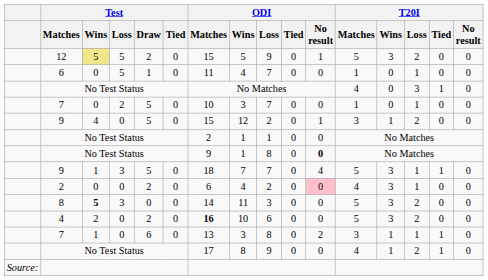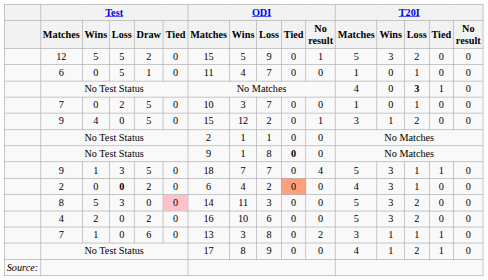 <table class="wikitable" style="text-align:center">
 <tr>
 <th></th>
 <th colspan=5><a href='#'>Test</a></th>
 <th colspan=5><a href='#'>ODI</a></th>
 <th colspan=5><a href='#'>T20I</a></th>
 </tr>
 <tr>
 <th></th>
 <th>Matches</th>
 <th>Wins</th>
 <th>Loss</th>
 <th>Draw</th>
 <th>Tied</th>
 <th>Matches</th>
 <th>Wins</th>
 <th>Loss</th>
 <th>Tied</th>
 <th>No result</th>
 <th>Matches</th>
 <th>Wins</th>
 <th>Loss</th>
 <th>Tied</th>
 <th>No result</th>
 </tr>
 <tr>
 <td align="left"></td>
 <td>12</td>
-<td style="background: khaki;">5</td>
+<td>5</td>
 <td>5</td>
 <td>2</td>
 <td>0</td>
 <td>15</td>
 <td>5</td>
 <td>9</td>
 <td>0</td>
 <td>1</td>
 <td>5</td>
 <td>3</td>
 <td>2</td>
 <td>0</td>
 <td>0</td>
 </tr>
 <tr>
 <td align="left"></td>
 <td>6</td>
 <td>0</td>
 <td>5</td>
 <td>1</td>
 <td>0</td>
 <td>11</td>
 <td>4</td>
 <td>7</td>
 <td>0</td>
 <td>0</td>
 <td>1</td>
 <td>0</td>
 <td>1</td>
 <td>0</td>
 <td>0</td>
 </tr>
 <tr>
 <td align="left"></td>
 <td colspan=5>No Test Status</td>
 <td colspan=5>No Matches</td>
 <td>4</td>
 <td>0</td>
-<td>3</td>
+<td><strong>3</strong></td>
 <td>1</td>
 <td>0</td>
 </tr>
 <tr>
 <td align="left"></td>
 <td>7</td>
 <td>0</td>
 <td>2</td>
 <td>5</td>
 <td>0</td>
 <td>10</td>
 <td>3</td>
 <td>7</td>
 <td>0</td>
 <td>0</td>
 <td>1</td>
 <td>0</td>
 <td>1</td>
 <td>0</td>
 <td>0</td>
 </tr>
 <tr>
 <td align="left"></td>
 <td>9</td>
 <td>4</td>
 <td>0</td>
 <td>5</td>
 <td>0</td>
 <td>15</td>
 <td>12</td>
 <td>2</td>
 <td>0</td>
 <td>1</td>
 <td>3</td>
 <td>1</td>
 <td>2</td>
 <td>0</td>
 <td>0</td>
 </tr>
 <tr>
 <td align="left"></td>
 <td colspan=5>No Test Status</td>
 <td>2</td>
 <td>1</td>
 <td>1</td>
 <td>0</td>
 <td>0</td>
 <td colspan=5>No Matches</td>
 </tr>
 <tr>
 <td align="left"></td>
 <td colspan=5>No Test Status</td>
 <td>9</td>
 <td>1</td>
 <td>8</td>
+<td><strong>0</strong></td>
 <td>0</td>
-<td><strong>0</strong></td>
 <td colspan=5>No Matches</td>
 </tr>
 <tr>
 <td align="left"></td>
 <td>9</td>
 <td>1</td>
 <td>3</td>
 <td>5</td>
 <td>0</td>
 <td>18</td>
 <td>7</td>
 <td>7</td>
 <td>0</td>
 <td>4</td>
 <td>5</td>
 <td>3</td>
 <td>1</td>
 <td>1</td>
 <td>0</td>
 </tr>
 <tr>
 <td align="left"></td>
 <td>2</td>
 <td>0</td>
-<td>0</td>
+<td><strong>0</strong></td>
 <td>2</td>
 <td>0</td>
 <td>6</td>
 <td>4</td>
 <td>2</td>
+<td style="background: lightsalmon;">0</td>
 <td>0</td>
-<td style="background: pink;">0</td>
 <td>4</td>
 <td>3</td>
 <td>1</td>
 <td>0</td>
 <td>0</td>
 </tr>
 <tr>
 <td align="left"></td>
 <td>8</td>
-<td><strong>5</strong></td>
+<td>5</td>
 <td>3</td>
 <td>0</td>
-<td>0</td>
+<td style="background: pink;">0</td>
 <td>14</td>
 <td>11</td>
 <td>3</td>
 <td>0</td>
 <td>0</td>
 <td>5</td>
 <td>3</td>
 <td>2</td>
 <td>0</td>
 <td>0</td>
 </tr>
 <tr>
 <td align="left"></td>
 <td>4</td>
 <td>2</td>
 <td>0</td>
 <td>2</td>
 <td>0</td>
-<td><strong>16</strong></td>
+<td>16</td>
 <td>10</td>
 <td>6</td>
 <td>0</td>
 <td>0</td>
 <td>5</td>
 <td>3</td>
 <td>2</td>
 <td>0</td>
 <td>0</td>
 </tr>
 <tr>
 <td align="left"></td>
 <td>7</td>
 <td>1</td>
 <td>0</td>
 <td>6</td>
 <td>0</td>
 <td>13</td>
 <td>3</td>
 <td>8</td>
 <td>0</td>
 <td>2</td>
 <td>3</td>
 <td>1</td>
 <td>1</td>
 <td>1</td>
 <td>0</td>
 </tr>
 <tr>
 <td align="left"></td>
 <td colspan=5>No Test Status</td>
 <td>17</td>
 <td>8</td>
 <td>9</td>
 <td>0</td>
 <td>0</td>
 <td>4</td>
 <td>1</td>
 <td>2</td>
 <td>1</td>
 <td>0</td>
 </tr>
 <tr>
 <td><em>Source:</em></td>
 <td colspan=5></td>
 <td colspan=5></td>
 <td colspan=5></td>
 </tr>
 </table>
